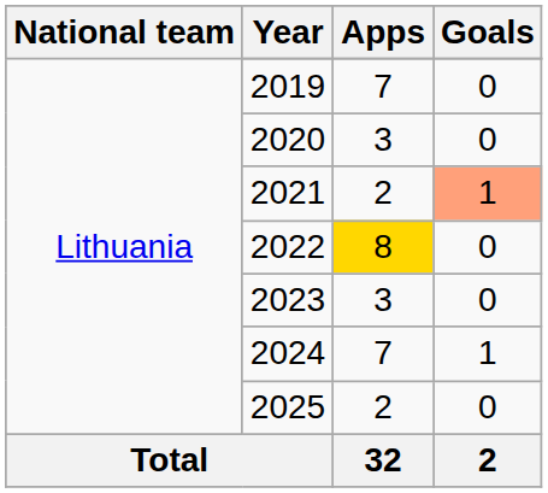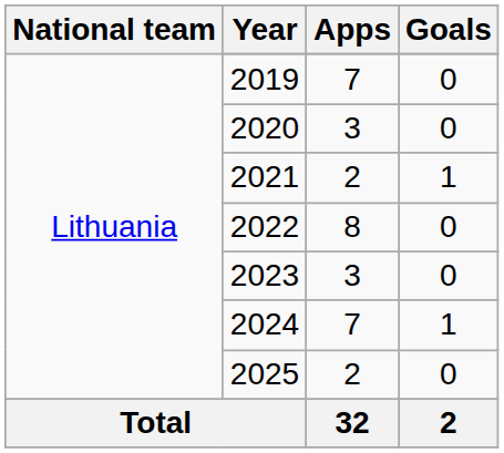 <table class="wikitable" style="text-align:center">
 <tr>
 <th>National team</th>
 <th>Year</th>
 <th>Apps</th>
 <th>Goals</th>
 </tr>
 <tr>
 <td rowspan="8"><a href='#'>Lithuania</a></td>
 </tr>
 <tr>
 <td>2019</td>
 <td>7</td>
 <td>0</td>
 </tr>
 <tr>
 <td>2020</td>
 <td>3</td>
 <td>0</td>
 </tr>
 <tr>
 <td>2021</td>
 <td>2</td>
-<td style="background: lightsalmon;">1</td>
+<td>1</td>
 </tr>
 <tr>
 <td>2022</td>
-<td style="background: gold;">8</td>
+<td>8</td>
 <td>0</td>
 </tr>
 <tr>
 <td>2023</td>
 <td>3</td>
 <td>0</td>
 </tr>
 <tr>
 <td>2024</td>
 <td>7</td>
 <td>1</td>
 </tr>
 <tr>
 <td>2025</td>
 <td>2</td>
 <td>0</td>
 </tr>
 <tr>
 <th colspan="2">Total</th>
 <th>32</th>
 <th>2</th>
 </tr>
 </table>
